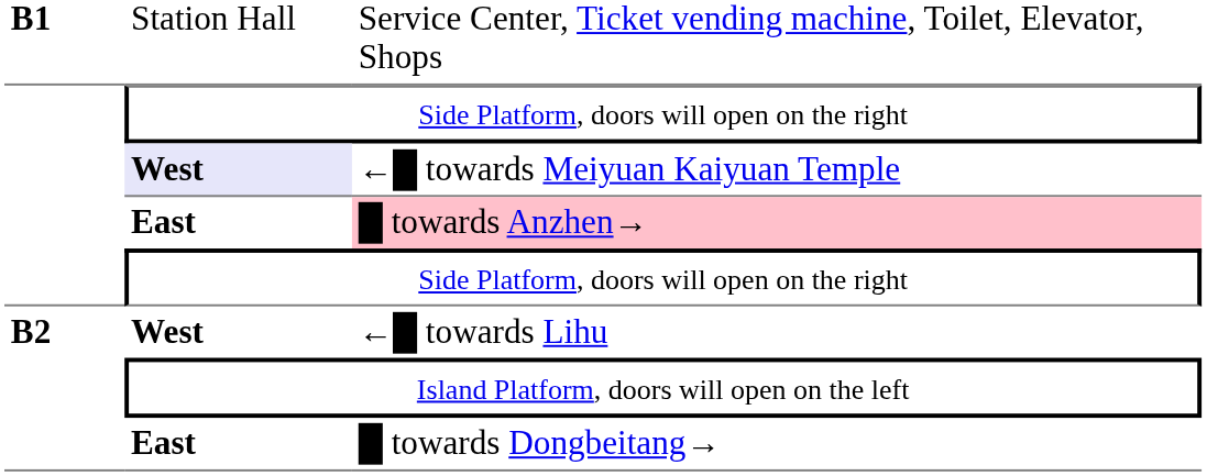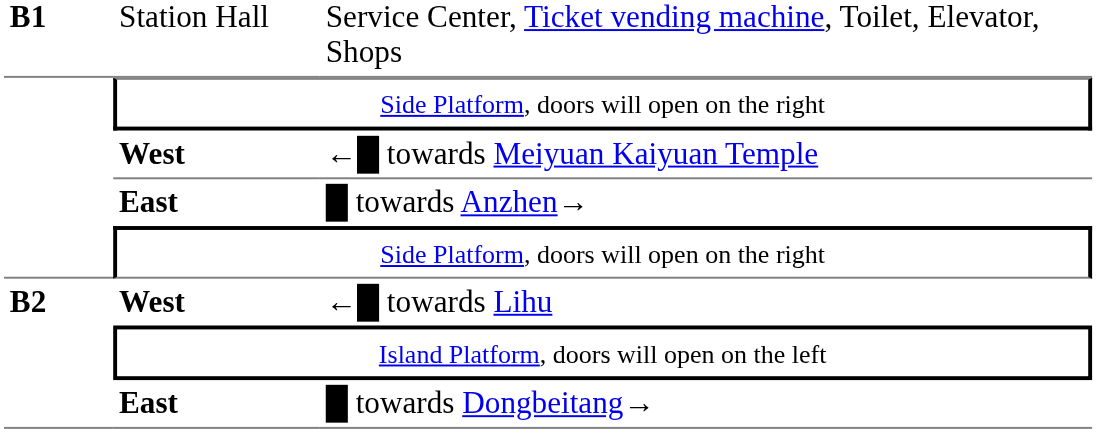 <table table border=0 cellspacing=0 cellpadding=3>
 <tr>
 <td style="border-bottom:solid 1px gray;border-top:solid 0px gray;" width=50 valign=top><strong>B1</strong></td>
 <td style="border-top:solid 0px gray;border-bottom:solid 1px gray;" width=100 valign=top>Station Hall</td>
 <td style="border-top:solid 0px gray;border-bottom:solid 1px gray;" width=390 valign=top>Service Center, <a href='#'>Ticket vending machine</a>, Toilet, Elevator, Shops</td>
 </tr>
 <tr>
 <td style="border-top:solid 0px gray;border-bottom:solid 1px gray;" width=50 rowspan=4 valign=top></td>
 <td style="border-right:solid 2px black;border-left:solid 2px black;border-bottom:solid 2px black;border-top:solid 1px gray;text-align:center;" colspan=2><small><a href='#'>Side Platform</a>, doors will open on the right</small></td>
 </tr>
 <tr>
-<td style="background: lavender; border-bottom:solid 1px gray;" width=100><strong>West</strong></td>
+<td style="border-bottom:solid 1px gray;" width=100><strong>West</strong></td>
 <td style="border-bottom:solid 1px gray;" width=390>←<span>█</span> towards <a href='#'>Meiyuan Kaiyuan Temple</a></td>
 </tr>
 <tr>
 <td><strong>East</strong></td>
-<td style="background: pink;"><span>█</span> towards <a href='#'>Anzhen</a>→</td>
+<td><span>█</span> towards <a href='#'>Anzhen</a>→</td>
 </tr>
 <tr>
 <td style="border-top:solid 2px black;border-right:solid 2px black;border-left:solid 2px black;border-bottom:solid 1px gray;text-align:center;" colspan=2><small><a href='#'>Side Platform</a>, doors will open on the right</small></td>
 </tr>
 <tr>
 <td style="border-top:solid 0px gray;border-bottom:solid 1px gray;" width=50 rowspan=3 valign=top><strong>B2</strong></td>
 <td style="border-top:solid 0px gray;" width=100><strong>West</strong></td>
 <td style="border-top:solid 0px gray;" width=390>←<span>█</span> towards <a href='#'>Lihu</a></td>
 </tr>
 <tr>
 <td style="border-top:solid 2px black;border-right:solid 2px black;border-left:solid 2px black;border-bottom:solid 2px black;text-align:center;" colspan=2><small><a href='#'>Island Platform</a>, doors will open on the left</small></td>
 </tr>
 <tr>
 <td style="border-bottom:solid 1px gray;"><strong>East</strong></td>
 <td style="border-bottom:solid 1px gray;"><span>█</span> towards <a href='#'>Dongbeitang</a>→</td>
 </tr>
 </table>
